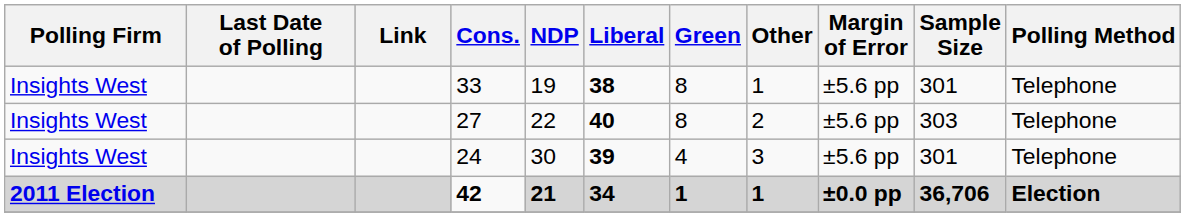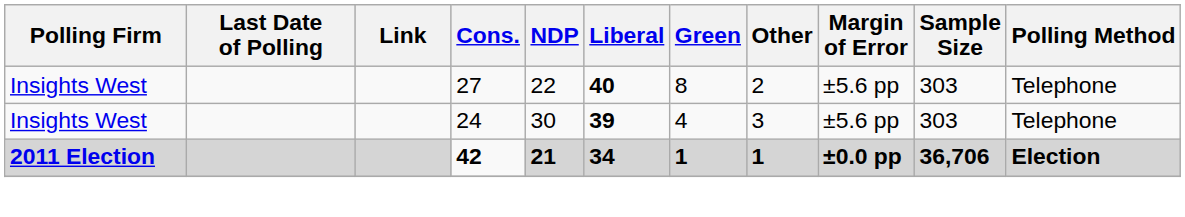 <table class="wikitable sortable">
 <tr style="background:#e9e9e9;">
 <th style="width:120px">Polling Firm</th>
 <th style="width:110px">Last Date<br>of Polling</th>
 <th style="width:60px" class="unsortable">Link</th>
 <th style="background-color:"><strong><a href='#'>Cons.</a></strong></th>
 <th style="background-color:"><strong><a href='#'>NDP</a></strong></th>
 <th style="background-color:"><strong><a href='#'>Liberal</a></strong></th>
 <th style="background-color:"><strong><a href='#'>Green</a></strong></th>
 <th style="background-color:"><strong>Other</strong></th>
 <th style="width:60px;" class=unsortable>Margin<br>of Error</th>
 <th style="width:50px;" class=unsortable>Sample<br>Size</th>
 <th class=unsortable>Polling Method</th>
-</tr>
-<tr>
-<td><a href='#'>Insights West</a></td>
-<td></td>
-<td></td>
-<td>33</td>
-<td>19</td>
-<td><strong>38</strong></td>
-<td>8</td>
-<td>1</td>
-<td>±5.6 pp</td>
-<td>301</td>
-<td>Telephone</td>
 </tr>
 <tr>
 <td><a href='#'>Insights West</a></td>
 <td></td>
 <td></td>
 <td>27</td>
 <td>22</td>
 <td><strong>40</strong></td>
 <td>8</td>
 <td>2</td>
 <td>±5.6 pp</td>
 <td>303</td>
 <td>Telephone</td>
 </tr>
 <tr>
 <td><a href='#'>Insights West</a></td>
 <td></td>
 <td></td>
 <td>24</td>
 <td>30</td>
 <td><strong>39</strong></td>
 <td>4</td>
 <td>3</td>
 <td>±5.6 pp</td>
-<td>301</td>
+<td>303</td>
 <td>Telephone</td>
 </tr>
 <tr>
 <td style="background:#D5D5D5"><strong><a href='#'>2011 Election</a></strong></td>
 <td style="background:#D5D5D5"><strong></strong></td>
 <td style="background:#D5D5D5"></td>
 <td><strong>42</strong></td>
 <td style="background:#D5D5D5"><strong>21</strong></td>
 <td style="background:#D5D5D5"><strong>34</strong></td>
 <td style="background:#D5D5D5"><strong>1</strong></td>
 <td style="background:#D5D5D5"><strong>1</strong></td>
 <td style="background:#D5D5D5"><strong>±0.0 pp</strong></td>
 <td style="background:#D5D5D5"><strong>36,706</strong></td>
 <td style="background:#D5D5D5"><strong>Election</strong></td>
 </tr>
 <tr>
 </tr>
 <tr>
 </tr>
 </table>
